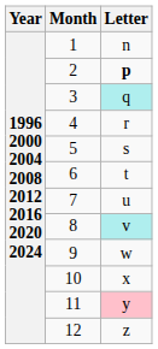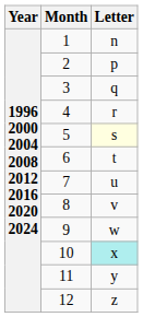 <table class="wikitable" style="float:left; margin-right:2em;">
 <tr>
 <th>Year</th>
 <th>Month</th>
 <th>Letter</th>
 </tr>
 <tr style="text-align:center;">
 <th rowspan="12">1996<br>2000<br>2004<br>2008<br>2012<br>2016<br>2020<br>2024</th>
 <td>1</td>
 <td>n</td>
 </tr>
 <tr style="text-align:center;">
 <td>2</td>
-<td><strong>p</strong></td>
+<td>p</td>
 </tr>
 <tr style="text-align:center;">
 <td>3</td>
-<td style="background: paleturquoise;">q</td>
+<td>q</td>
 </tr>
 <tr style="text-align:center;">
 <td>4</td>
 <td>r</td>
 </tr>
 <tr style="text-align:center;">
 <td>5</td>
-<td>s</td>
+<td style="background: lightyellow;">s</td>
 </tr>
 <tr style="text-align:center;">
 <td>6</td>
 <td>t</td>
 </tr>
 <tr style="text-align:center;">
 <td>7</td>
 <td>u</td>
 </tr>
 <tr style="text-align:center;">
 <td>8</td>
-<td style="background: paleturquoise;">v</td>
+<td>v</td>
 </tr>
 <tr style="text-align:center;">
 <td>9</td>
 <td>w</td>
 </tr>
 <tr style="text-align:center;">
 <td>10</td>
-<td>x</td>
+<td style="background: paleturquoise;">x</td>
 </tr>
 <tr style="text-align:center;">
 <td>11</td>
-<td style="background: pink;">y</td>
+<td>y</td>
 </tr>
 <tr style="text-align:center;">
 <td>12</td>
 <td>z</td>
 </tr>
 </table>
